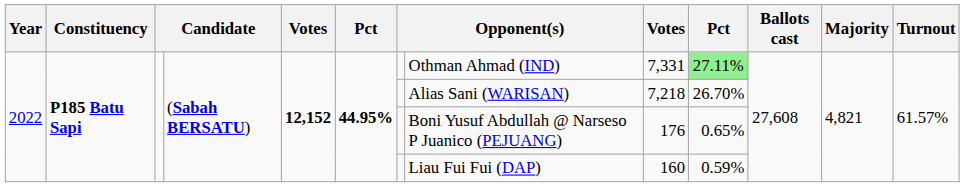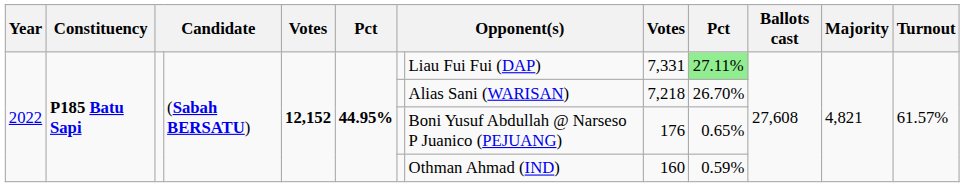 <table class="wikitable" style="margin:0.5em ; font-size:95%">
 <tr>
 <th>Year</th>
 <th>Constituency</th>
 <th colspan=2>Candidate</th>
 <th>Votes</th>
 <th>Pct</th>
 <th colspan=2>Opponent(s)</th>
 <th>Votes</th>
 <th>Pct</th>
 <th>Ballots cast</th>
 <th>Majority</th>
 <th>Turnout</th>
 </tr>
 <tr>
 <td rowspan=4><a href='#'>2022</a></td>
 <td rowspan=4><strong>P185 <a href='#'>Batu Sapi</a></strong></td>
 <td rowspan=4 ></td>
 <td rowspan=4><strong></strong> (<a href='#'><strong>Sabah BERSATU</strong></a>)</td>
 <td rowspan=4 align="right"><strong>12,152</strong></td>
 <td rowspan=4><strong>44.95%</strong></td>
 <td></td>
-<td>Othman Ahmad (<a href='#'>IND</a>)</td>
+<td>Liau Fui Fui (<a href='#'>DAP</a>)</td>
 <td align="right">7,331</td>
 <td style="background: lightgreen;">27.11%</td>
 <td rowspan=4>27,608</td>
 <td rowspan=4>4,821</td>
 <td rowspan=4>61.57%</td>
 </tr>
 <tr>
 <td></td>
 <td>Alias Sani (<a href='#'>WARISAN</a>)</td>
 <td align="right">7,218</td>
 <td>26.70%</td>
 </tr>
 <tr>
 <td></td>
 <td>Boni Yusuf Abdullah @ Narseso P Juanico (<a href='#'>PEJUANG</a>)</td>
 <td align="right">176</td>
 <td align="right">0.65%</td>
 </tr>
 <tr>
 <td></td>
-<td>Liau Fui Fui (<a href='#'>DAP</a>)</td>
+<td>Othman Ahmad (<a href='#'>IND</a>)</td>
 <td align="right">160</td>
 <td align="right">0.59%</td>
 </tr>
 </table>
